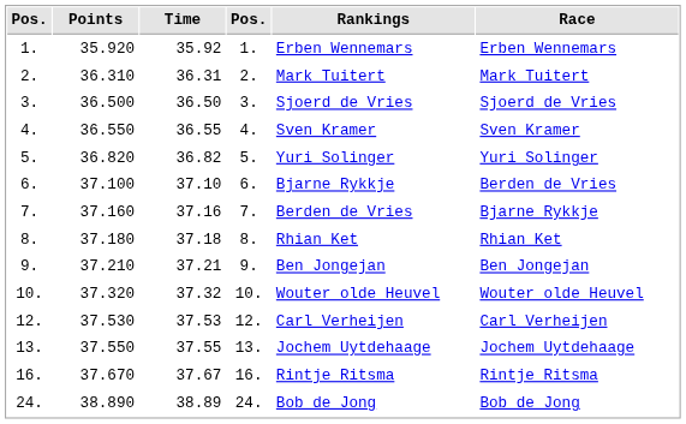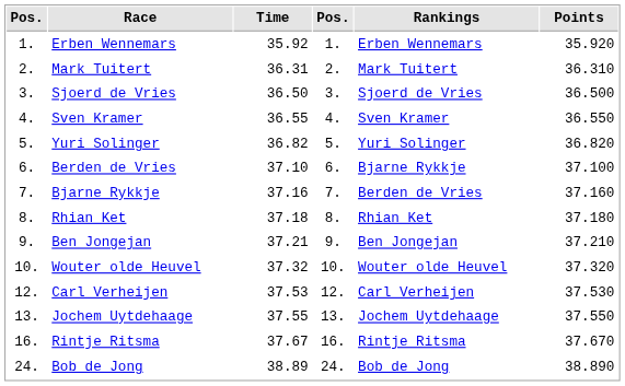 <table cellspacing="1" cellpadding="3" style="border:1px solid #AAAAAA;font-size:90%">
 <tr bgcolor="#E4E4E4">
 <th style="border-bottom:1px solid #AAAAAA" width=10>Pos.</th>
-<th style="border-bottom:1px solid #AAAAAA" width=60>Points</th>
+<th style="border-bottom:1px solid #AAAAAA" width=150>Race</th>
 <th style="border-bottom:1px solid #AAAAAA" width=60>Time</th>
 <th style="border-bottom:1px solid #AAAAAA" width=10>Pos.</th>
 <th style="border-bottom:1px solid #AAAAAA" width=150>Rankings</th>
-<th style="border-bottom:1px solid #AAAAAA" width=150>Race</th>
+<th style="border-bottom:1px solid #AAAAAA" width=60>Points</th>
 </tr>
 <tr>
 <td align="center">1.</td>
-<td align="right">35.920</td>
+<td><a href='#'>Erben Wennemars</a></td>
 <td align="right">35.92</td>
 <td align="center">1.</td>
 <td><a href='#'>Erben Wennemars</a></td>
-<td><a href='#'>Erben Wennemars</a></td>
+<td align="right">35.920</td>
 </tr>
 <tr>
 <td align="center">2.</td>
-<td align="right">36.310</td>
+<td><a href='#'>Mark Tuitert</a></td>
 <td align="right">36.31</td>
 <td align="center">2.</td>
 <td><a href='#'>Mark Tuitert</a></td>
-<td><a href='#'>Mark Tuitert</a></td>
+<td align="right">36.310</td>
 </tr>
 <tr>
 <td align="center">3.</td>
-<td align="right">36.500</td>
+<td><a href='#'>Sjoerd de Vries</a></td>
 <td align="right">36.50</td>
 <td align="center">3.</td>
 <td><a href='#'>Sjoerd de Vries</a></td>
-<td><a href='#'>Sjoerd de Vries</a></td>
+<td align="right">36.500</td>
 </tr>
 <tr>
 <td align="center">4.</td>
-<td align="right">36.550</td>
+<td><a href='#'>Sven Kramer</a></td>
 <td align="right">36.55</td>
 <td align="center">4.</td>
 <td><a href='#'>Sven Kramer</a></td>
-<td><a href='#'>Sven Kramer</a></td>
+<td align="right">36.550</td>
 </tr>
 <tr>
 <td align="center">5.</td>
-<td align="right">36.820</td>
+<td><a href='#'>Yuri Solinger</a></td>
 <td align="right">36.82</td>
 <td align="center">5.</td>
 <td><a href='#'>Yuri Solinger</a></td>
-<td><a href='#'>Yuri Solinger</a></td>
+<td align="right">36.820</td>
 </tr>
 <tr>
 <td align="center">6.</td>
-<td align="right">37.100</td>
+<td><a href='#'>Berden de Vries</a></td>
 <td align="right">37.10</td>
 <td align="center">6.</td>
 <td><a href='#'>Bjarne Rykkje</a></td>
-<td><a href='#'>Berden de Vries</a></td>
+<td align="right">37.100</td>
 </tr>
 <tr>
 <td align="center">7.</td>
-<td align="right">37.160</td>
+<td><a href='#'>Bjarne Rykkje</a></td>
 <td align="right">37.16</td>
 <td align="center">7.</td>
 <td><a href='#'>Berden de Vries</a></td>
-<td><a href='#'>Bjarne Rykkje</a></td>
+<td align="right">37.160</td>
 </tr>
 <tr>
 <td align="center">8.</td>
-<td align="right">37.180</td>
+<td><a href='#'>Rhian Ket</a></td>
 <td align="right">37.18</td>
 <td align="center">8.</td>
 <td><a href='#'>Rhian Ket</a></td>
-<td><a href='#'>Rhian Ket</a></td>
+<td align="right">37.180</td>
 </tr>
 <tr>
 <td align="center">9.</td>
-<td align="right">37.210</td>
+<td><a href='#'>Ben Jongejan</a></td>
 <td align="right">37.21</td>
 <td align="center">9.</td>
 <td><a href='#'>Ben Jongejan</a></td>
-<td><a href='#'>Ben Jongejan</a></td>
+<td align="right">37.210</td>
 </tr>
 <tr>
 <td align="center">10.</td>
-<td align="right">37.320</td>
+<td><a href='#'>Wouter olde Heuvel</a></td>
 <td align="right">37.32</td>
 <td align="center">10.</td>
 <td><a href='#'>Wouter olde Heuvel</a></td>
-<td><a href='#'>Wouter olde Heuvel</a></td>
+<td align="right">37.320</td>
 </tr>
 <tr>
 <td align="center">12.</td>
-<td align="right">37.530</td>
+<td><a href='#'>Carl Verheijen</a></td>
 <td align="right">37.53</td>
 <td align="center">12.</td>
 <td><a href='#'>Carl Verheijen</a></td>
-<td><a href='#'>Carl Verheijen</a></td>
+<td align="right">37.530</td>
 </tr>
 <tr>
 <td align="center">13.</td>
-<td align="right">37.550</td>
+<td><a href='#'>Jochem Uytdehaage</a></td>
 <td align="right">37.55</td>
 <td align="center">13.</td>
 <td><a href='#'>Jochem Uytdehaage</a></td>
-<td><a href='#'>Jochem Uytdehaage</a></td>
+<td align="right">37.550</td>
 </tr>
 <tr>
 <td align="center">16.</td>
-<td align="right">37.670</td>
+<td><a href='#'>Rintje Ritsma</a></td>
 <td align="right">37.67</td>
 <td align="center">16.</td>
 <td><a href='#'>Rintje Ritsma</a></td>
-<td><a href='#'>Rintje Ritsma</a></td>
+<td align="right">37.670</td>
 </tr>
 <tr>
 <td align="center">24.</td>
-<td align="right">38.890</td>
+<td><a href='#'>Bob de Jong</a></td>
 <td align="right">38.89</td>
 <td align="center">24.</td>
 <td><a href='#'>Bob de Jong</a></td>
-<td><a href='#'>Bob de Jong</a></td>
+<td align="right">38.890</td>
 </tr>
 </table>
